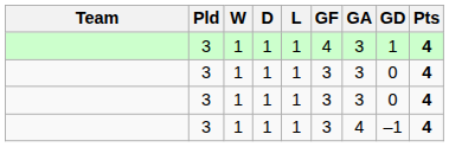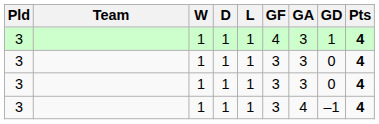 <table class="wikitable" style="text-align:center;">
 <tr>
+<th width=20>Pld</th>
 <th width=165>Team</th>
-<th width=20>Pld</th>
 <th width=20>W</th>
 <th width=20>D</th>
 <th width=20>L</th>
 <th width=20>GF</th>
 <th width=20>GA</th>
 <th width=20>GD</th>
 <th width=20>Pts<br></th>
 </tr>
 <tr align=center bgcolor="ccffcc">
+<td>3</td>
 <td style="text-align:left;"></td>
-<td>3</td>
 <td>1</td>
 <td>1</td>
 <td>1</td>
 <td>4</td>
 <td>3</td>
 <td>1</td>
 <td><strong>4</strong></td>
 </tr>
 <tr align=center>
+<td>3</td>
 <td style="text-align:left;"></td>
-<td>3</td>
 <td>1</td>
 <td>1</td>
 <td>1</td>
 <td>3</td>
 <td>3</td>
 <td>0</td>
 <td><strong>4</strong></td>
 </tr>
 <tr align=center>
+<td>3</td>
 <td style="text-align:left;"></td>
-<td>3</td>
 <td>1</td>
 <td>1</td>
 <td>1</td>
 <td>3</td>
 <td>3</td>
 <td>0</td>
 <td><strong>4</strong></td>
 </tr>
 <tr align=center>
+<td>3</td>
 <td style="text-align:left;"></td>
-<td>3</td>
 <td>1</td>
 <td>1</td>
 <td>1</td>
 <td>3</td>
 <td>4</td>
 <td>–1</td>
 <td><strong>4</strong></td>
 </tr>
 </table>
